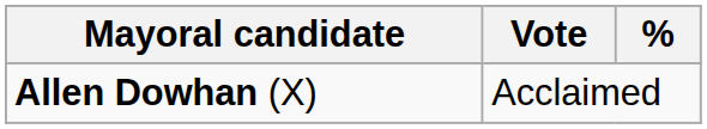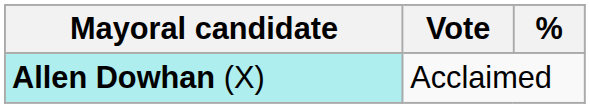 <table class="wikitable">
 <tr>
 <th width="200px">Mayoral candidate</th>
 <th width="50px">Vote</th>
 <th width="30px">%</th>
 </tr>
 <tr>
-<td><strong>Allen Dowhan</strong> (X)</td>
+<td style="background: paleturquoise;"><strong>Allen Dowhan</strong> (X)</td>
 <td colspan="2">Acclaimed</td>
 </tr>
 </table>
